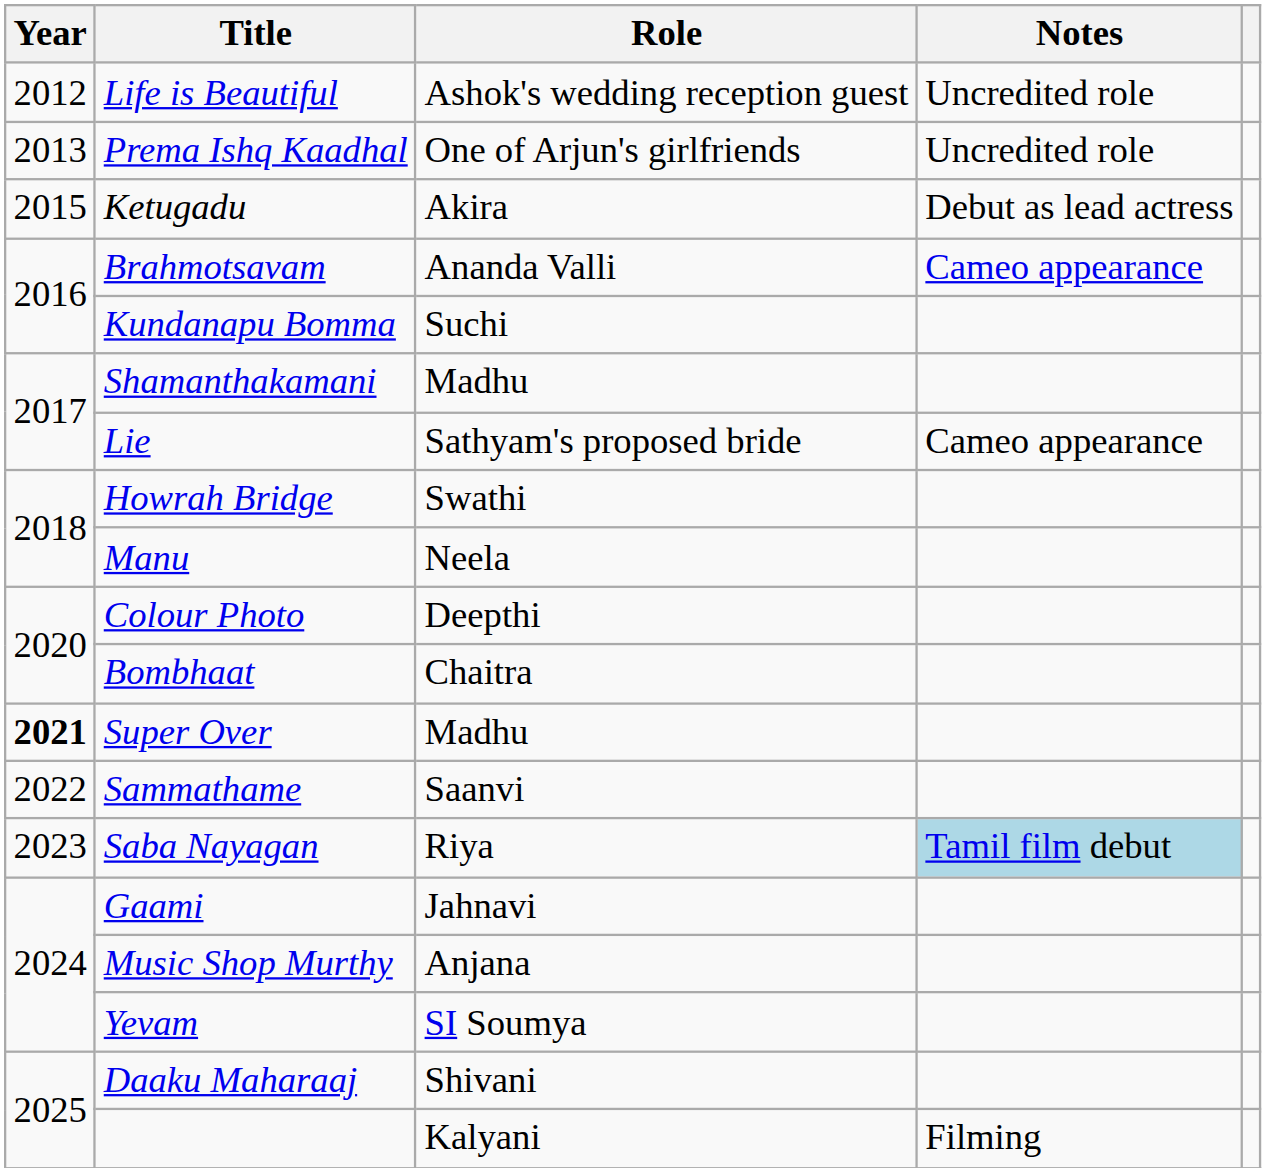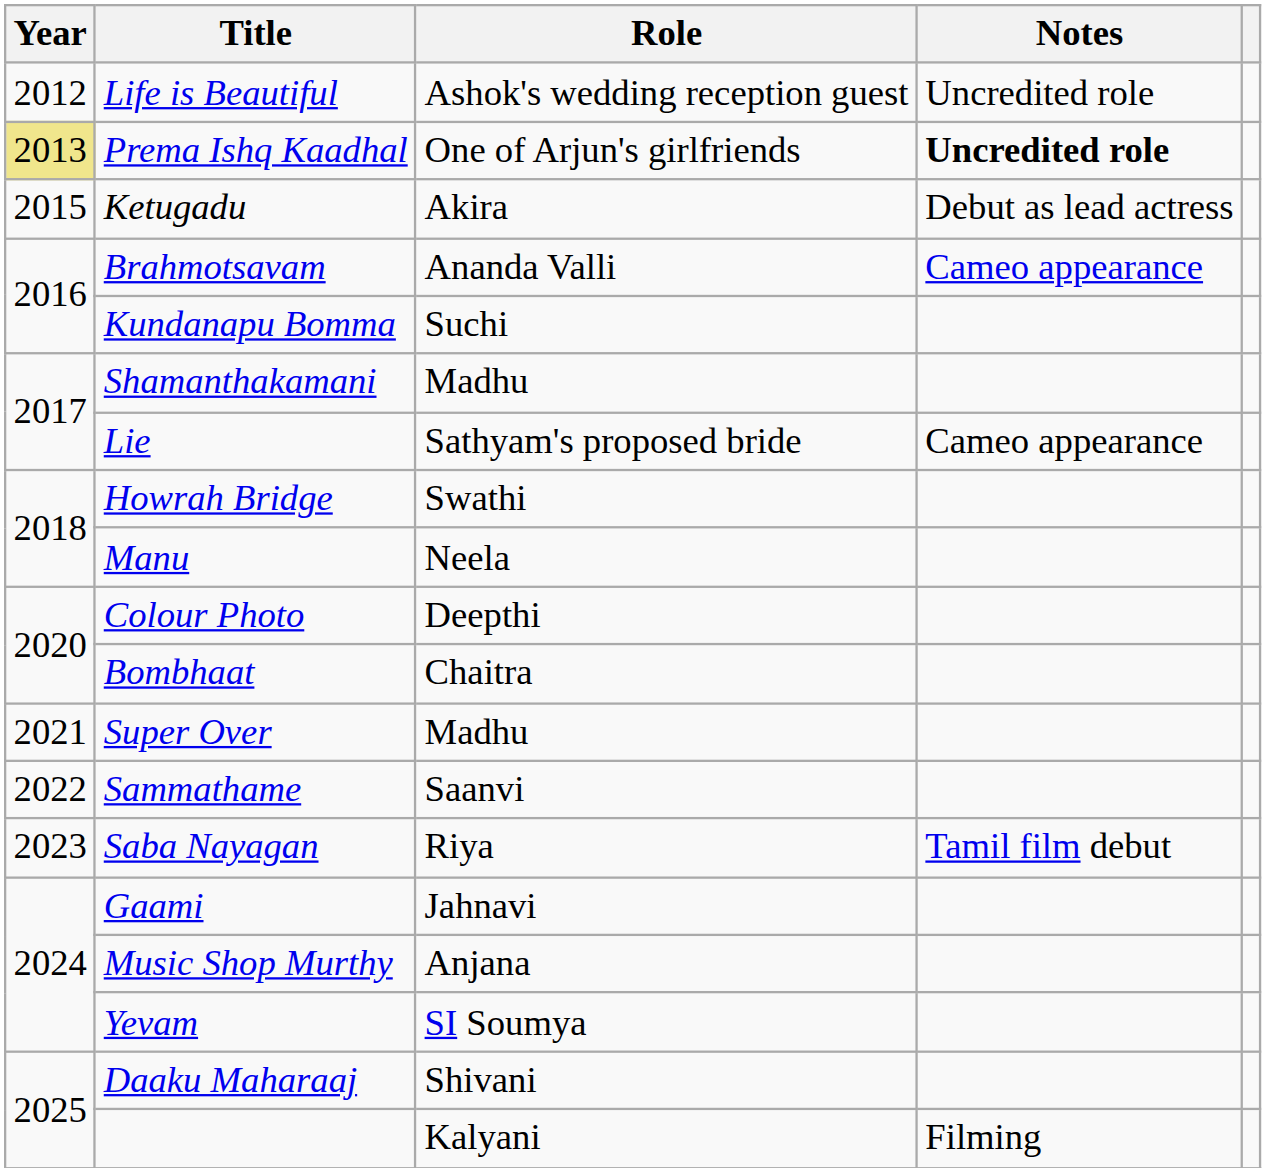 <table class="wikitable sortable">
 <tr>
 <th>Year</th>
 <th>Title</th>
 <th>Role</th>
 <th class="unsortable">Notes</th>
 <th class="unsortable"></th>
 </tr>
 <tr>
 <td>2012</td>
 <td><em><a href='#'>Life is Beautiful</a></em></td>
 <td>Ashok's wedding reception guest</td>
 <td>Uncredited role</td>
 <td style="text-align:center;"></td>
 </tr>
 <tr>
-<td>2013</td>
+<td style="background: khaki;">2013</td>
 <td><em><a href='#'>Prema Ishq Kaadhal</a></em></td>
 <td>One of Arjun's girlfriends</td>
-<td>Uncredited role</td>
+<td><strong>Uncredited role</strong></td>
 <td style="text-align:center;"></td>
 </tr>
 <tr>
 <td>2015</td>
 <td><em>Ketugadu</em></td>
 <td>Akira</td>
 <td>Debut as lead actress</td>
 <td style="text-align:center;"></td>
 </tr>
 <tr>
 <td rowspan="2">2016</td>
 <td><a href='#'><em>Brahmotsavam</em></a></td>
 <td>Ananda Valli</td>
 <td><a href='#'>Cameo appearance</a></td>
 <td style="text-align:center;"></td>
 </tr>
 <tr>
 <td><em><a href='#'>Kundanapu Bomma</a></em></td>
 <td>Suchi</td>
 <td></td>
 <td style="text-align:center;"></td>
 </tr>
 <tr>
 <td rowspan="2">2017</td>
 <td><a href='#'><em>Shamanthakamani</em></a></td>
 <td>Madhu</td>
 <td></td>
 <td style="text-align:center;"></td>
 </tr>
 <tr>
 <td><a href='#'><em>Lie</em></a></td>
 <td>Sathyam's proposed bride</td>
 <td>Cameo appearance</td>
 <td style="text-align:center;"></td>
 </tr>
 <tr>
 <td rowspan="2">2018</td>
 <td><a href='#'><em>Howrah Bridge</em></a></td>
 <td>Swathi</td>
 <td></td>
 <td style="text-align:center;"></td>
 </tr>
 <tr>
 <td><em><a href='#'>Manu</a></em></td>
 <td>Neela</td>
 <td></td>
 <td style="text-align:center;"></td>
 </tr>
 <tr>
 <td rowspan="2">2020</td>
 <td><em><a href='#'>Colour Photo</a></em></td>
 <td>Deepthi</td>
 <td></td>
 <td style="text-align:center;"></td>
 </tr>
 <tr>
 <td><em><a href='#'>Bombhaat</a></em></td>
 <td>Chaitra</td>
 <td></td>
 <td style="text-align:center;"></td>
 </tr>
 <tr>
-<td><strong>2021</strong></td>
+<td>2021</td>
 <td><a href='#'><em>Super Over</em></a></td>
 <td>Madhu</td>
 <td></td>
 <td style="text-align:center;"></td>
 </tr>
 <tr>
 <td>2022</td>
 <td><em><a href='#'>Sammathame</a></em></td>
 <td>Saanvi</td>
 <td></td>
 <td style="text-align:center;"></td>
 </tr>
 <tr>
 <td>2023</td>
 <td><em><a href='#'>Saba Nayagan</a></em></td>
 <td>Riya</td>
-<td style="background: lightblue;"><a href='#'>Tamil film</a> debut</td>
+<td><a href='#'>Tamil film</a> debut</td>
 <td style="text-align:center;"></td>
 </tr>
 <tr>
 <td rowspan="3">2024</td>
 <td><em><a href='#'>Gaami</a></em></td>
 <td>Jahnavi</td>
 <td></td>
 <td style="text-align:center;"></td>
 </tr>
 <tr>
 <td><em><a href='#'>Music Shop Murthy</a></em></td>
 <td>Anjana</td>
 <td></td>
 <td style="text-align:center;"></td>
 </tr>
 <tr>
 <td><em><a href='#'>Yevam</a></em></td>
 <td><a href='#'>SI</a> Soumya</td>
 <td></td>
 <td style="text-align:center;"></td>
 </tr>
 <tr>
 <td rowspan="2">2025</td>
 <td><em><a href='#'>Daaku Maharaaj</a></em></td>
 <td>Shivani</td>
 <td></td>
 <td style="text-align:center;"></td>
 </tr>
 <tr>
 <td></td>
 <td>Kalyani</td>
 <td>Filming</td>
 <td style="text-align:center;"></td>
 </tr>
 <tr>
 </tr>
 </table>
